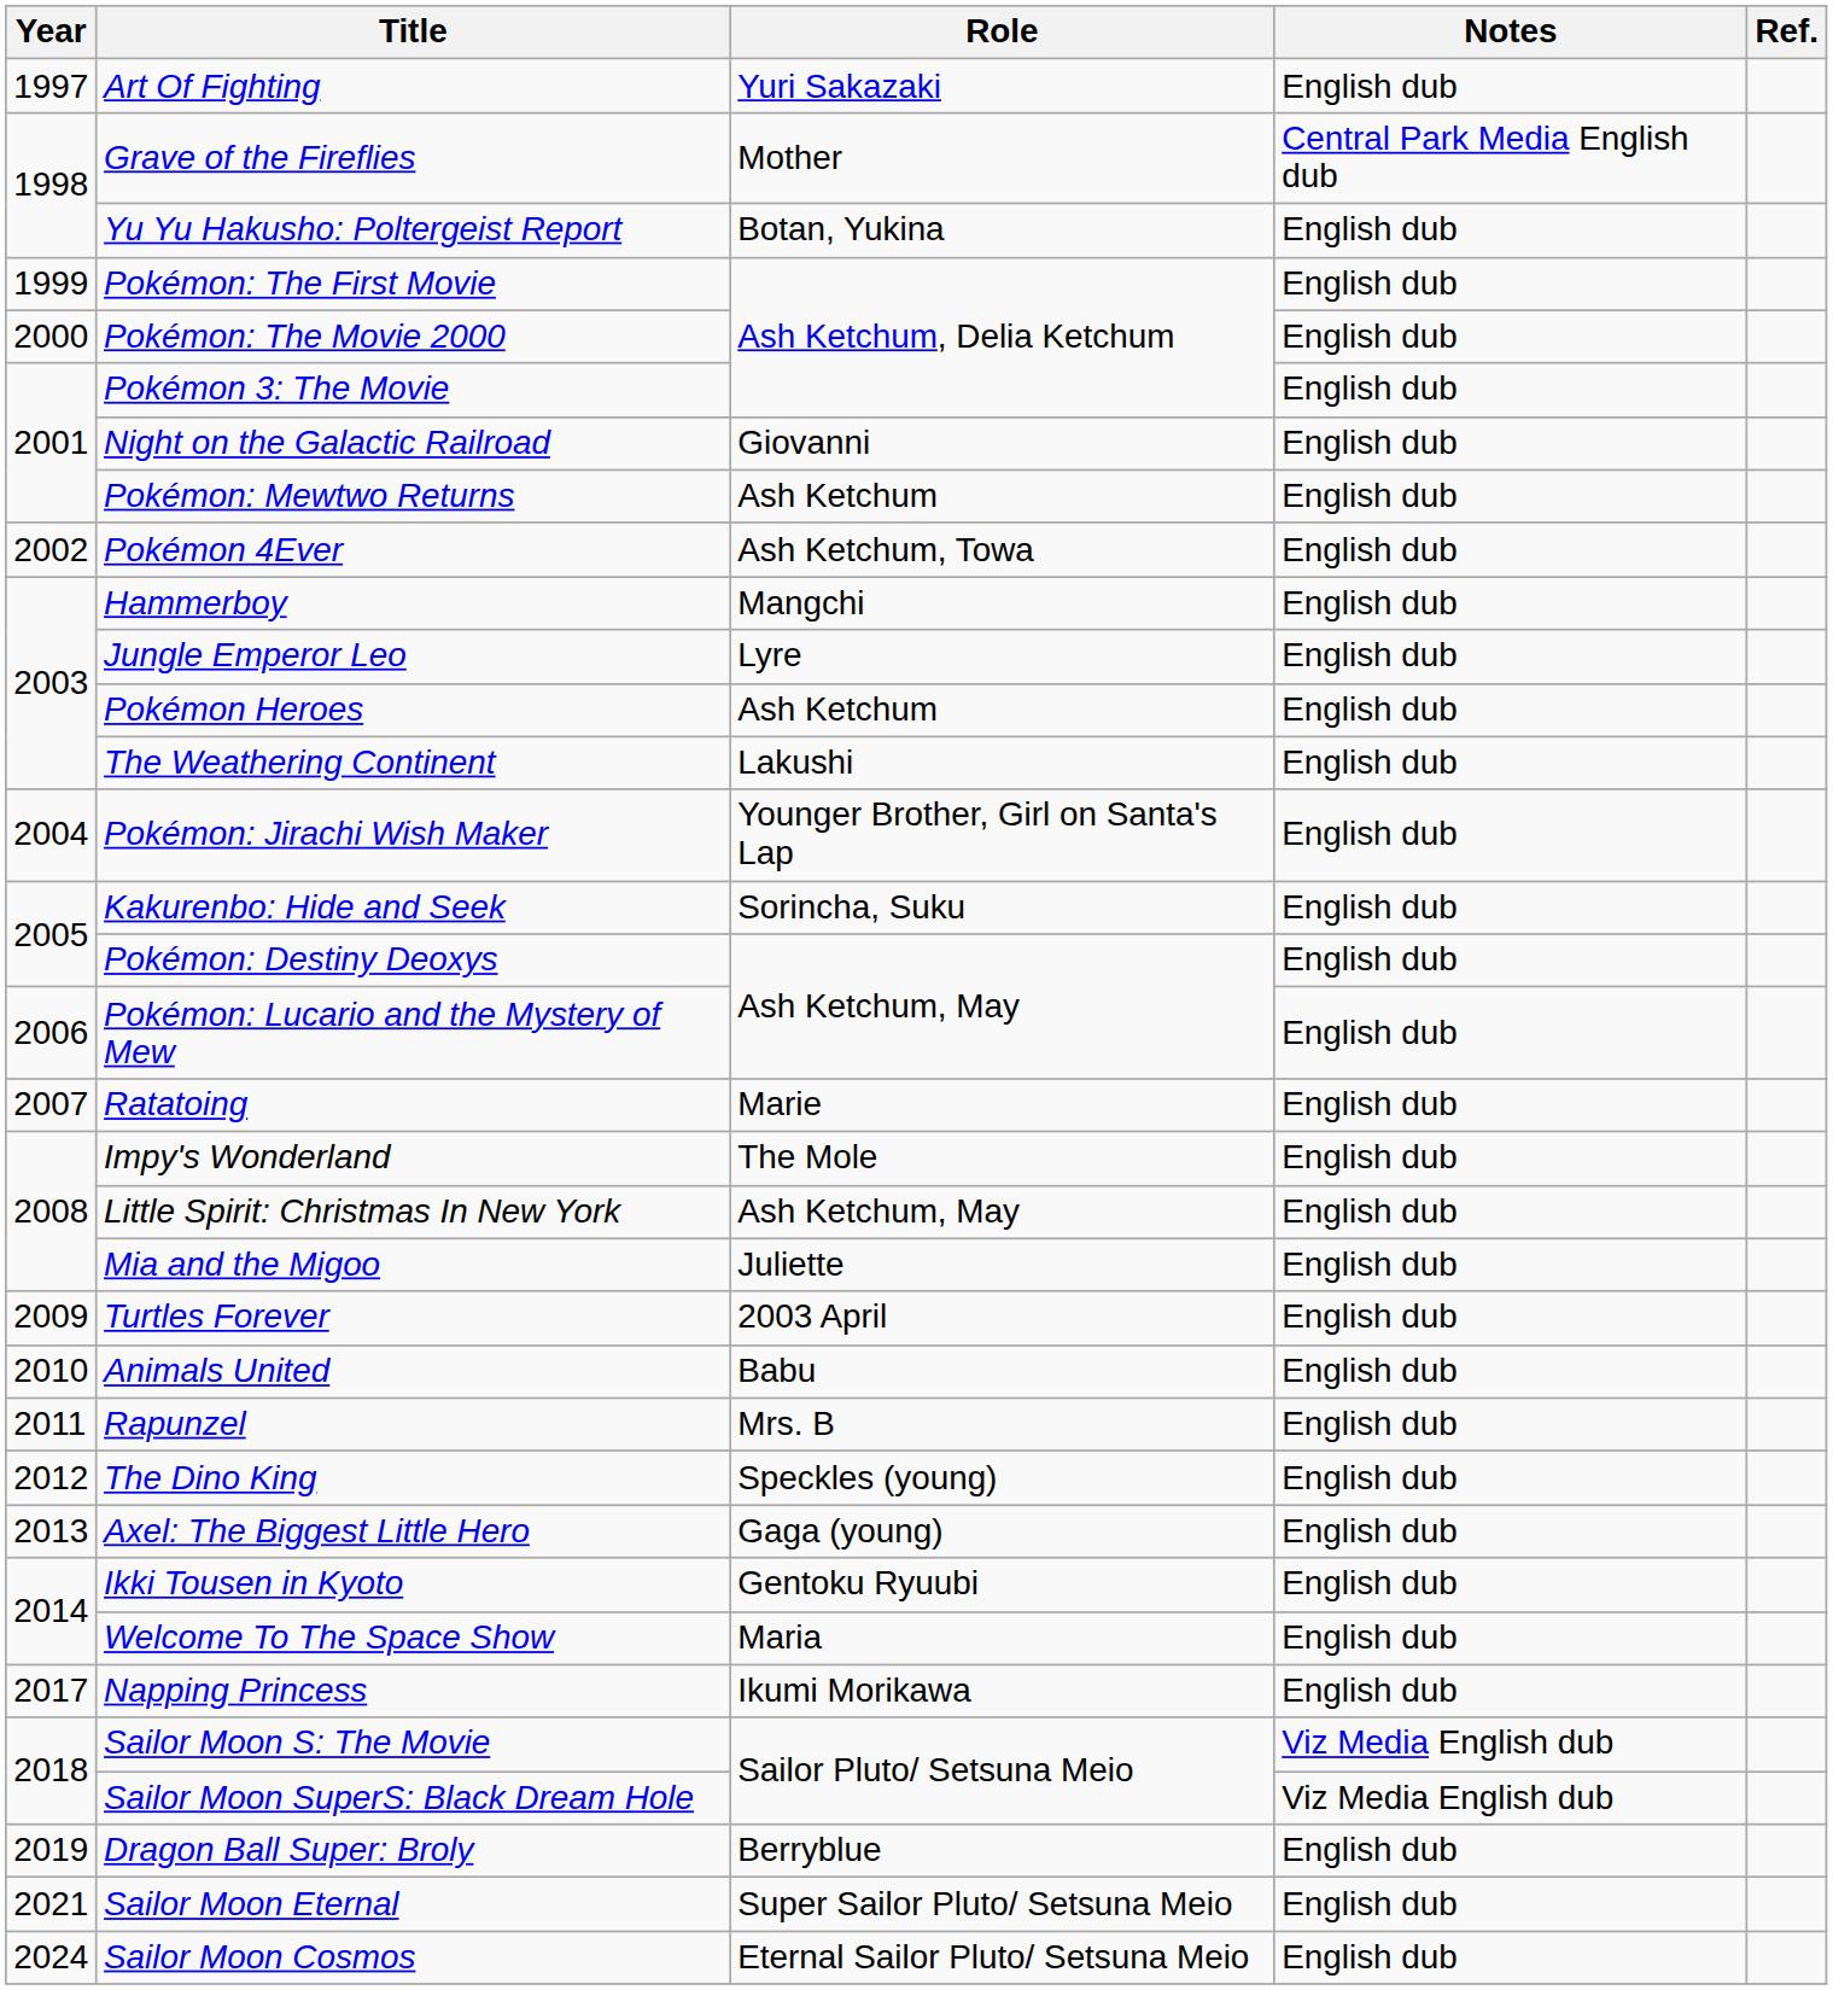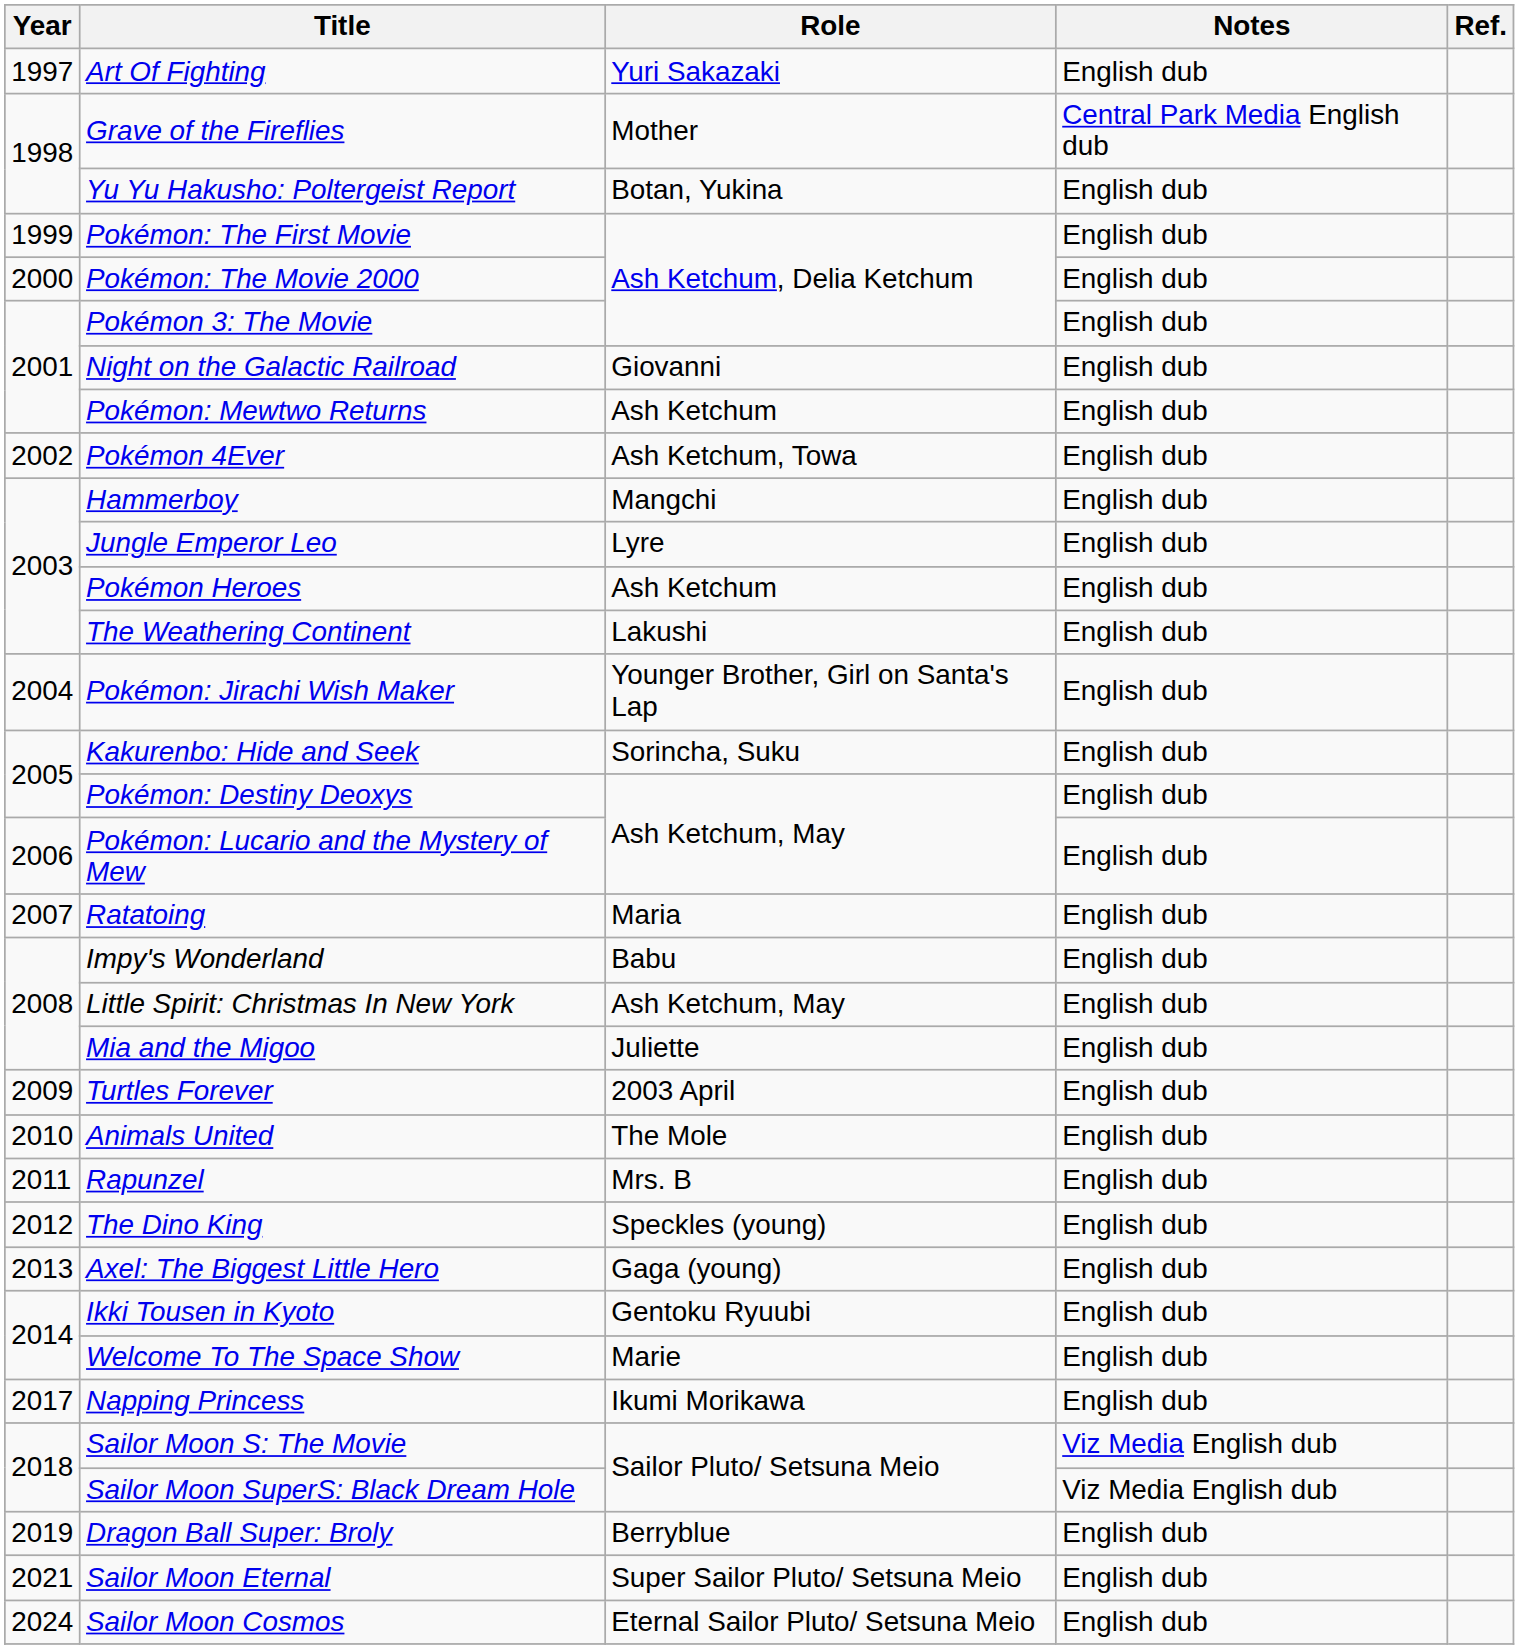 <table class="wikitable">
 <tr>
 <th>Year</th>
 <th>Title</th>
 <th>Role</th>
 <th>Notes</th>
 <th>Ref.</th>
 </tr>
 <tr>
 <td>1997</td>
 <td><em><a href='#'>Art Of Fighting</a></em></td>
 <td><a href='#'>Yuri Sakazaki</a></td>
 <td>English dub</td>
 <td></td>
 </tr>
 <tr>
 <td rowspan="2">1998</td>
 <td><em><a href='#'>Grave of the Fireflies</a></em></td>
 <td>Mother</td>
 <td><a href='#'>Central Park Media</a> English dub</td>
 <td></td>
 </tr>
 <tr>
 <td><em><a href='#'>Yu Yu Hakusho: Poltergeist Report</a></em></td>
 <td>Botan, Yukina</td>
 <td>English dub</td>
 <td></td>
 </tr>
 <tr>
 <td>1999</td>
 <td><em><a href='#'>Pokémon: The First Movie</a></em></td>
 <td rowspan="3"><a href='#'>Ash Ketchum</a>, Delia Ketchum</td>
 <td>English dub</td>
 <td></td>
 </tr>
 <tr>
 <td>2000</td>
 <td><em><a href='#'>Pokémon: The Movie 2000</a></em></td>
 <td>English dub</td>
 <td></td>
 </tr>
 <tr>
 <td rowspan="3">2001</td>
 <td><em><a href='#'>Pokémon 3: The Movie</a></em></td>
 <td>English dub</td>
 <td></td>
 </tr>
 <tr>
 <td><em><a href='#'>Night on the Galactic Railroad</a></em></td>
 <td>Giovanni</td>
 <td>English dub</td>
 <td></td>
 </tr>
 <tr>
 <td><em><a href='#'>Pokémon: Mewtwo Returns</a></em></td>
 <td>Ash Ketchum</td>
 <td>English dub</td>
 <td></td>
 </tr>
 <tr>
 <td>2002</td>
 <td><em><a href='#'>Pokémon 4Ever</a></em></td>
 <td>Ash Ketchum, Towa</td>
 <td>English dub</td>
 <td></td>
 </tr>
 <tr>
 <td rowspan="4">2003</td>
 <td><em><a href='#'>Hammerboy</a></em></td>
 <td>Mangchi</td>
 <td>English dub</td>
 <td></td>
 </tr>
 <tr>
 <td><em><a href='#'>Jungle Emperor Leo</a></em></td>
 <td>Lyre</td>
 <td>English dub</td>
 <td></td>
 </tr>
 <tr>
 <td><em><a href='#'>Pokémon Heroes</a></em></td>
 <td>Ash Ketchum</td>
 <td>English dub</td>
 <td></td>
 </tr>
 <tr>
 <td><em><a href='#'>The Weathering Continent</a></em></td>
 <td>Lakushi</td>
 <td>English dub</td>
 <td></td>
 </tr>
 <tr>
 <td>2004</td>
 <td><em><a href='#'>Pokémon: Jirachi Wish Maker</a></em></td>
 <td>Younger Brother, Girl on Santa's Lap</td>
 <td>English dub</td>
 <td></td>
 </tr>
 <tr>
 <td rowspan="2">2005</td>
 <td><em><a href='#'>Kakurenbo: Hide and Seek</a></em></td>
 <td>Sorincha, Suku</td>
 <td>English dub</td>
 <td></td>
 </tr>
 <tr>
 <td><em><a href='#'>Pokémon: Destiny Deoxys</a></em></td>
 <td rowspan="2">Ash Ketchum, May</td>
 <td>English dub</td>
 <td></td>
 </tr>
 <tr>
 <td>2006</td>
 <td><em><a href='#'>Pokémon: Lucario and the Mystery of Mew</a></em></td>
 <td>English dub</td>
 <td></td>
 </tr>
 <tr>
 <td>2007</td>
 <td><em><a href='#'>Ratatoing</a></em></td>
-<td>Marie</td>
+<td>Maria</td>
 <td>English dub</td>
 <td></td>
 </tr>
 <tr>
 <td rowspan="3">2008</td>
 <td><em>Impy's Wonderland</em></td>
-<td>The Mole</td>
+<td>Babu</td>
 <td>English dub</td>
 <td></td>
 </tr>
 <tr>
 <td><em>Little Spirit: Christmas In New York</em></td>
 <td>Ash Ketchum, May</td>
 <td>English dub</td>
 <td></td>
 </tr>
 <tr>
 <td><em><a href='#'>Mia and the Migoo</a></em></td>
 <td>Juliette</td>
 <td>English dub</td>
 <td></td>
 </tr>
 <tr>
 <td>2009</td>
 <td><em><a href='#'>Turtles Forever</a></em></td>
 <td>2003 April</td>
 <td>English dub</td>
 <td></td>
 </tr>
 <tr>
 <td>2010</td>
 <td><em><a href='#'>Animals United</a></em></td>
-<td>Babu</td>
+<td>The Mole</td>
 <td>English dub</td>
 <td></td>
 </tr>
 <tr>
 <td>2011</td>
 <td><em><a href='#'>Rapunzel</a></em></td>
 <td>Mrs. B</td>
 <td>English dub</td>
 <td></td>
 </tr>
 <tr>
 <td>2012</td>
 <td><em><a href='#'>The Dino King</a></em></td>
 <td>Speckles (young)</td>
 <td>English dub</td>
 <td></td>
 </tr>
 <tr>
 <td>2013</td>
 <td><em><a href='#'>Axel: The Biggest Little Hero</a></em></td>
 <td>Gaga (young)</td>
 <td>English dub</td>
 <td></td>
 </tr>
 <tr>
 <td rowspan="2">2014</td>
 <td><em><a href='#'>Ikki Tousen in Kyoto</a></em></td>
 <td>Gentoku Ryuubi</td>
 <td>English dub</td>
 <td></td>
 </tr>
 <tr>
 <td><em><a href='#'>Welcome To The Space Show</a></em></td>
-<td>Maria</td>
+<td>Marie</td>
 <td>English dub</td>
 <td></td>
 </tr>
 <tr>
 <td>2017</td>
 <td><em><a href='#'>Napping Princess</a></em></td>
 <td>Ikumi Morikawa</td>
 <td>English dub</td>
 <td></td>
 </tr>
 <tr>
 <td rowspan="2">2018</td>
 <td><em><a href='#'>Sailor Moon S: The Movie</a></em></td>
 <td rowspan="2">Sailor Pluto/ Setsuna Meio</td>
 <td><a href='#'>Viz Media</a> English dub</td>
 <td></td>
 </tr>
 <tr>
 <td><em><a href='#'>Sailor Moon SuperS: Black Dream Hole</a></em></td>
 <td>Viz Media English dub</td>
 <td></td>
 </tr>
 <tr>
 <td>2019</td>
 <td><em><a href='#'>Dragon Ball Super: Broly</a></em></td>
 <td>Berryblue</td>
 <td>English dub</td>
 <td></td>
 </tr>
 <tr>
 <td>2021</td>
 <td><em><a href='#'>Sailor Moon Eternal</a></em></td>
 <td>Super Sailor Pluto/ Setsuna Meio</td>
 <td>English dub</td>
 <td></td>
 </tr>
 <tr>
 <td>2024</td>
 <td><em><a href='#'>Sailor Moon Cosmos</a></em></td>
 <td>Eternal Sailor Pluto/ Setsuna Meio</td>
 <td>English dub</td>
 <td></td>
 </tr>
 </table>
